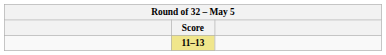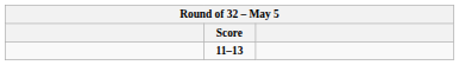 <table class="wikitable" style="text-align: center; font-size:90% ">
 <tr>
 <th colspan=3>Round of 32 – May 5</th>
 </tr>
 <tr>
 <th align="right" width="250"></th>
 <th width="60">Score</th>
 <th align="left" width="250"></th>
 </tr>
 <tr>
 <td align=left></td>
-<td align=center style="background: khaki;"><strong>11–13</strong></td>
+<td align=center><strong>11–13</strong></td>
 <td align=left><strong></strong></td>
 </tr>
 </table>
